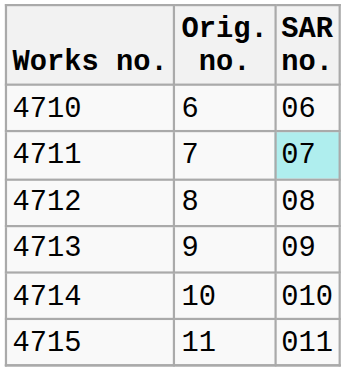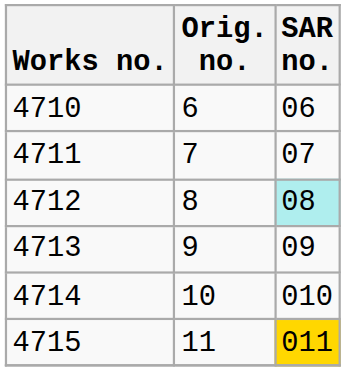 <table class="wikitable collapsible collapsed sortable" style="margin:0.5em auto; font-size:100%;">
 <tr>
 <th><br>Works no.</th>
 <th>Orig.<br>no.</th>
 <th>SAR<br>no.</th>
 </tr>
 <tr>
 <td>4710</td>
 <td>6</td>
 <td>06</td>
 </tr>
 <tr>
 <td>4711</td>
 <td>7</td>
-<td style="background: paleturquoise;">07</td>
+<td>07</td>
 </tr>
 <tr>
 <td>4712</td>
 <td>8</td>
-<td>08</td>
+<td style="background: paleturquoise;">08</td>
 </tr>
 <tr>
 <td>4713</td>
 <td>9</td>
 <td>09</td>
 </tr>
 <tr>
 <td>4714</td>
 <td>10</td>
 <td>010</td>
 </tr>
 <tr>
 <td>4715</td>
 <td>11</td>
-<td>011</td>
+<td style="background: gold;">011</td>
 </tr>
 <tr>
 </tr>
 </table>
